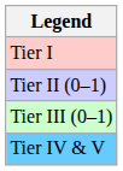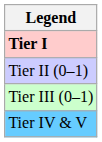 <table class=wikitable style=font-size:85%>
 <tr>
 <th>Legend</th>
 </tr>
 <tr>
-<td bgcolor=#ffcccc>Tier I</td>
+<td bgcolor=#ffcccc><strong>Tier I</strong></td>
 </tr>
 <tr>
 <td bgcolor=#ccccff>Tier II (0–1)</td>
 </tr>
 <tr>
 <td bgcolor=#CCFFCC>Tier III (0–1)</td>
 </tr>
 <tr>
 <td bgcolor=#66CCFF>Tier IV & V</td>
 </tr>
 </table>
